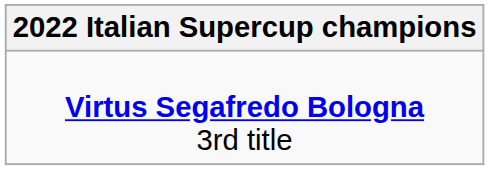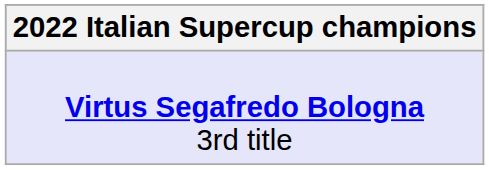 <table class=wikitable style="text-align:center; margin:auto">
 <tr>
 <th>2022 Italian Supercup champions</th>
 </tr>
 <tr>
-<td align = center> <br> <strong><a href='#'>Virtus Segafredo Bologna</a></strong> <br> 3rd title</td>
+<td align = center style="background: lavender;"> <br> <strong><a href='#'>Virtus Segafredo Bologna</a></strong> <br> 3rd title</td>
 </tr>
 </table>
